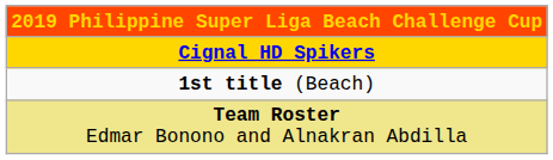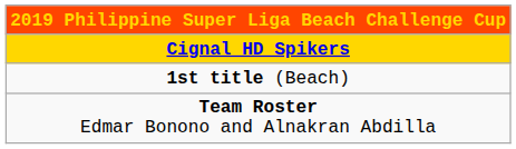 <table class=wikitable style="text-align:center; margin:auto;">
 <tr>
 <th style="background:#FF4500; color:#FFD700;">2019 Philippine Super Liga Beach Challenge Cup</th>
 </tr>
 <tr bgcolor="gold">
 <td><strong><a href='#'>Cignal HD Spikers</a></strong></td>
 </tr>
 <tr>
 <td><strong>1st title</strong> (Beach)</td>
 </tr>
 <tr>
-<td style="background: khaki;"><strong>Team Roster</strong><br>Edmar Bonono and Alnakran Abdilla</td>
+<td><strong>Team Roster</strong><br>Edmar Bonono and Alnakran Abdilla</td>
 </tr>
 </table>
